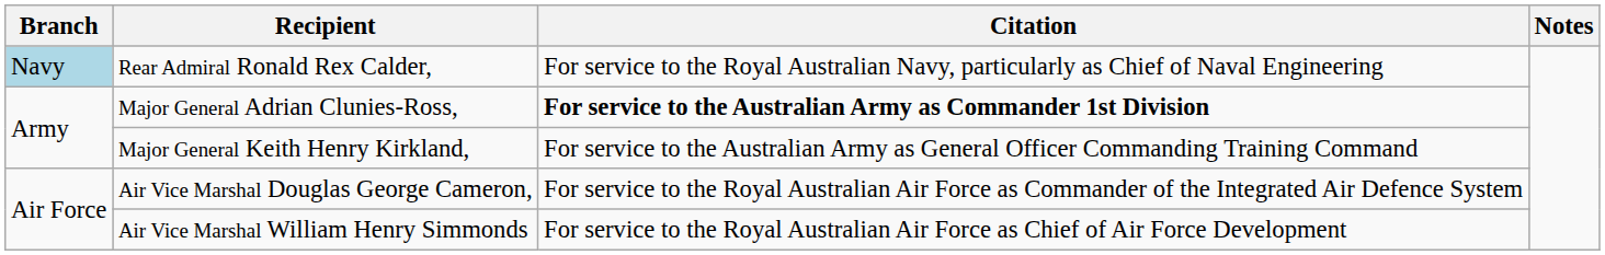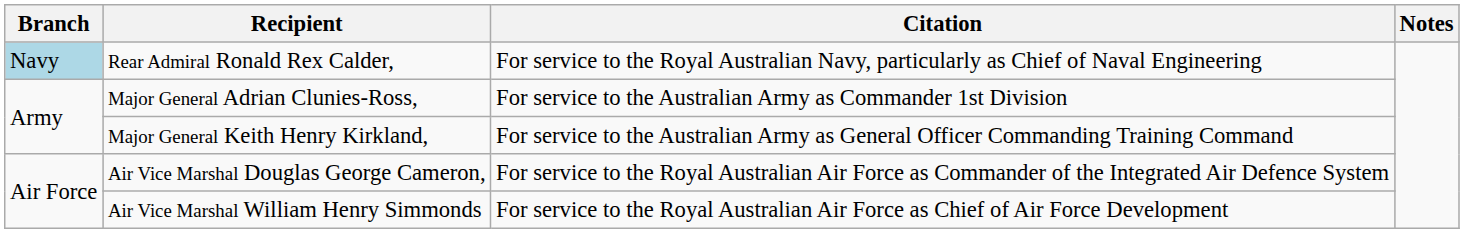 <table class="wikitable" style="font-size:95%;">
 <tr>
 <th>Branch</th>
 <th>Recipient</th>
 <th>Citation</th>
 <th>Notes</th>
 </tr>
 <tr>
 <td style="background: lightblue;">Navy</td>
 <td><small>Rear Admiral</small> Ronald Rex Calder, </td>
 <td>For service to the Royal Australian Navy, particularly as Chief of Naval Engineering</td>
 <td rowspan="5"></td>
 </tr>
 <tr>
 <td rowspan="2">Army</td>
 <td><small>Major General</small> Adrian Clunies-Ross, </td>
-<td><strong>For service to the Australian Army as Commander 1st Division</strong></td>
+<td>For service to the Australian Army as Commander 1st Division</td>
 </tr>
 <tr>
 <td><small>Major General</small> Keith Henry Kirkland, </td>
 <td>For service to the Australian Army as General Officer Commanding Training Command</td>
 </tr>
 <tr>
 <td rowspan="2">Air Force</td>
 <td><small>Air Vice Marshal</small> Douglas George Cameron, </td>
 <td>For service to the Royal Australian Air Force as Commander of the Integrated Air Defence System</td>
 </tr>
 <tr>
 <td><small>Air Vice Marshal</small> William Henry Simmonds</td>
 <td>For service to the Royal Australian Air Force as Chief of Air Force Development</td>
 </tr>
 </table>
